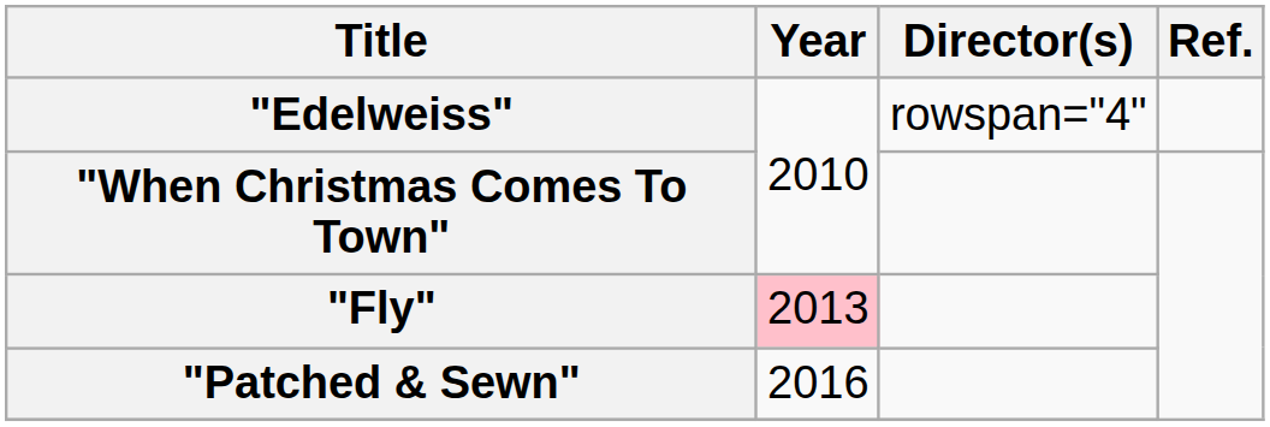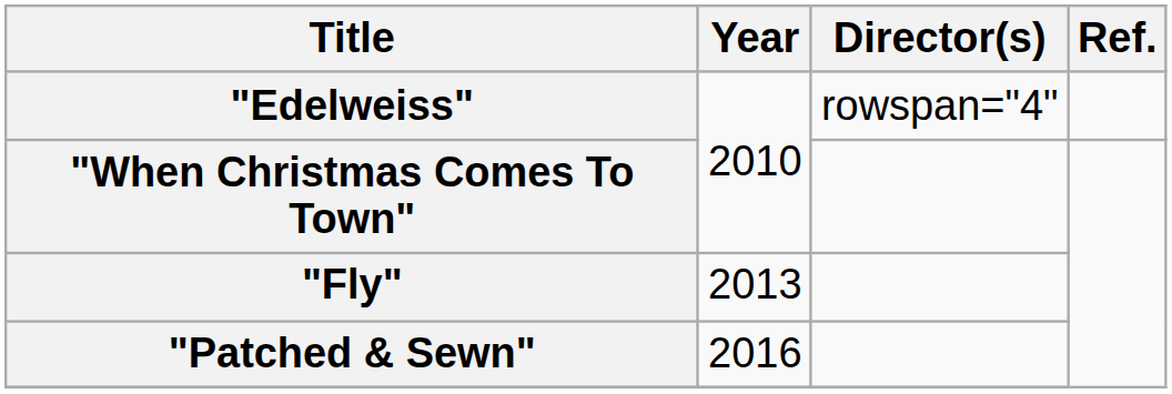 <table class="wikitable plainrowheaders" style="text-align:center;" border="1">
 <tr>
 <th scope="col" style="width:16em;">Title</th>
 <th>Year</th>
 <th>Director(s)</th>
 <th>Ref.</th>
 </tr>
 <tr>
 <th scope="row">"Edelweiss"</th>
 <td rowspan="2">2010</td>
 <td>rowspan="4" </td>
 <td></td>
 </tr>
 <tr>
 <th scope="row">"When Christmas Comes To Town"</th>
 <td></td>
 </tr>
 <tr>
 <th scope="row">"Fly"</th>
-<td style="background: pink;">2013</td>
+<td>2013</td>
 <td></td>
 </tr>
 <tr>
 <th scope="row">"Patched & Sewn"</th>
 <td>2016</td>
 <td></td>
 </tr>
 <tr>
 </tr>
 </table>
